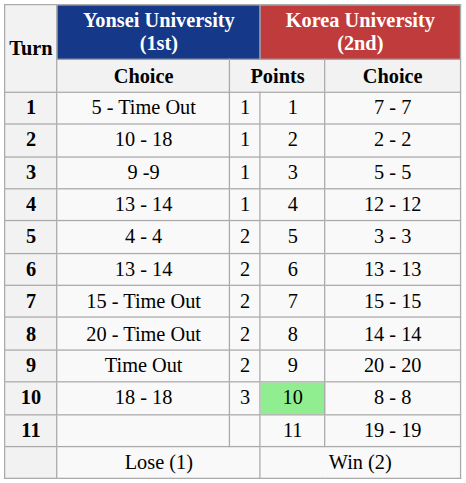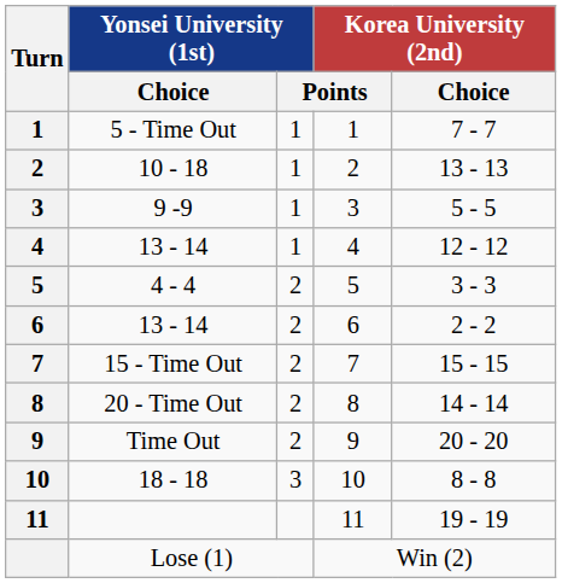 <table class="wikitable" style="text-align:center">
 <tr>
 <th scope="col" rowspan="2">Turn</th>
 <th scope="col" colspan="2" style="background-color:#153888;color:white;width:150px">Yonsei University (1st)<br></th>
 <th scope="col" colspan="2" style="background-color:#BF3B3C;color:white;width:150px">Korea University (2nd)<br></th>
 </tr>
 <tr>
 <th scope="col">Choice</th>
 <th scope="col" colspan="2">Points</th>
 <th scope="col">Choice</th>
 </tr>
 <tr>
 <th scope="row">1</th>
 <td>5 - Time Out</td>
 <td>1</td>
 <td>1</td>
 <td>7 - 7</td>
 </tr>
 <tr>
 <th scope="row">2</th>
 <td>10 - 18</td>
 <td>1</td>
 <td>2</td>
-<td>2 - 2</td>
+<td>13 - 13</td>
 </tr>
 <tr>
 <th scope="row">3</th>
 <td>9 -9</td>
 <td>1</td>
 <td>3</td>
 <td>5 - 5</td>
 </tr>
 <tr>
 <th scope="row">4</th>
 <td>13 - 14</td>
 <td>1</td>
 <td>4</td>
 <td>12 - 12</td>
 </tr>
 <tr>
 <th scope="row">5</th>
 <td>4 - 4</td>
 <td>2</td>
 <td>5</td>
 <td>3 - 3</td>
 </tr>
 <tr>
 <th scope="row">6</th>
 <td>13 - 14</td>
 <td>2</td>
 <td>6</td>
-<td>13 - 13</td>
+<td>2 - 2</td>
 </tr>
 <tr>
 <th scope="row">7</th>
 <td>15 - Time Out</td>
 <td>2</td>
 <td>7</td>
 <td>15 - 15</td>
 </tr>
 <tr>
 <th scope="row">8</th>
 <td>20 - Time Out</td>
 <td>2</td>
 <td>8</td>
 <td>14 - 14</td>
 </tr>
 <tr>
 <th scope="row">9</th>
 <td>Time Out</td>
 <td>2</td>
 <td>9</td>
 <td>20 - 20</td>
 </tr>
 <tr>
 <th scope="row">10</th>
 <td>18 - 18</td>
 <td>3</td>
-<td style="background: lightgreen;">10</td>
+<td>10</td>
 <td>8 - 8</td>
 </tr>
 <tr>
 <th scope="row">11</th>
 <td></td>
 <td></td>
 <td>11</td>
 <td>19 - 19</td>
 </tr>
 <tr>
 <th scope="row"></th>
 <td colspan="2">Lose (1)</td>
 <td colspan="2">Win (2)</td>
 </tr>
 </table>
